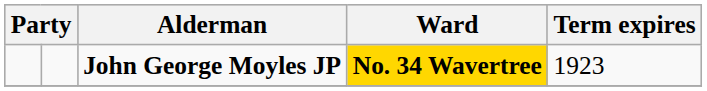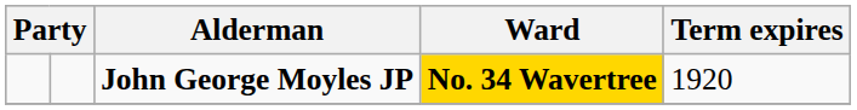 <table class="wikitable">
 <tr>
 <th colspan="2">Party</th>
 <th>Alderman</th>
 <th>Ward</th>
 <th>Term expires</th>
 </tr>
 <tr>
 <td style="background-color:"></td>
 <td></td>
 <td><strong>John George Moyles JP</strong></td>
 <td style="background: gold;"><strong>No. 34 Wavertree</strong></td>
-<td>1923</td>
+<td>1920</td>
 </tr>
 <tr>
 </tr>
 </table>
